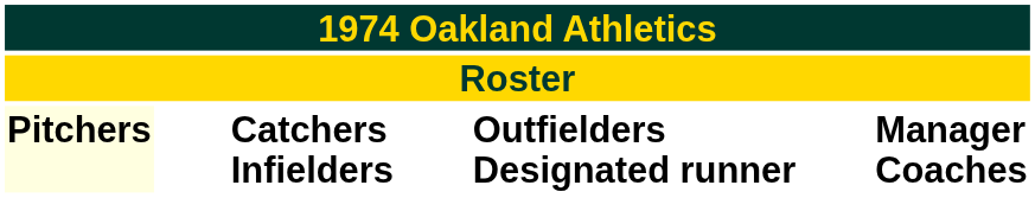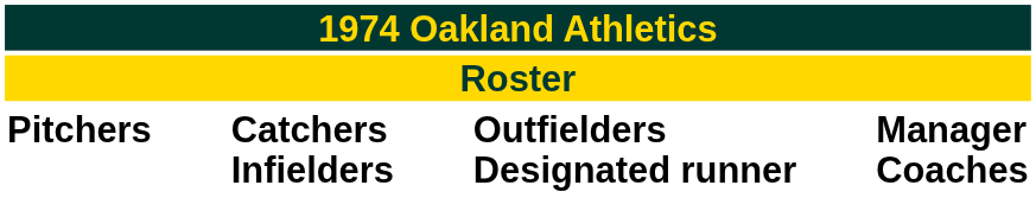 <table class="toccolours" style="font-size: 95%;">
 <tr>
 <th colspan="10" style="background-color: #003831; color: #FFD800; text-align: center;">1974 Oakland Athletics</th>
 </tr>
 <tr>
 <td colspan="10" style="background-color: #FFD800; color: #003831; text-align: center;"><strong>Roster</strong></td>
 </tr>
 <tr>
-<td valign="top" style="background: lightyellow;"><strong>Pitchers</strong><br>          </td>
+<td valign="top"><strong>Pitchers</strong><br>          </td>
 <td width="25px"></td>
 <td valign="top"><strong>Catchers</strong><br>   <strong>Infielders</strong>             </td>
 <td width="25px"></td>
 <td valign="top"><strong>Outfielders</strong><br>        <strong>Designated runner</strong> </td>
 <td width="25px"></td>
 <td valign="top"><strong>Manager</strong><br> <strong>Coaches</strong>      </td>
 </tr>
 </table>
